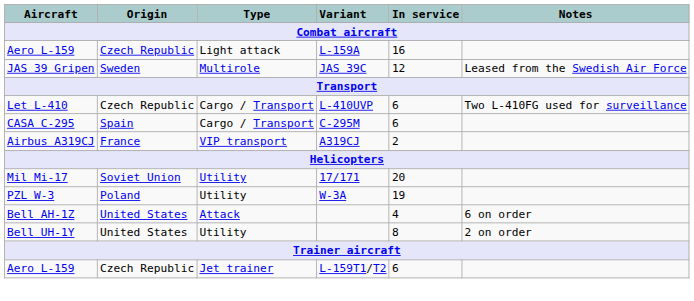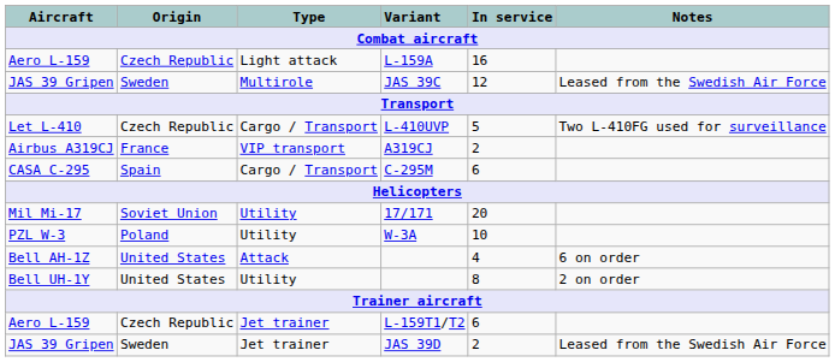 <table class="wikitable">
 <tr>
 <th style="text-align:center; background:#acc;">Aircraft</th>
 <th style="text-align: center; background:#acc;">Origin</th>
 <th style="text-align:l center; background:#acc;">Type</th>
 <th style="text-align:left; background:#acc;">Variant</th>
 <th style="text-align:center; background:#acc;">In service</th>
 <th style="text-align: center; background:#acc;">Notes</th>
 </tr>
 <tr>
 <th colspan="6" style="align: center; background: lavender;"><a href='#'>Combat aircraft</a></th>
 </tr>
 <tr>
 <td><a href='#'>Aero L-159</a></td>
 <td><a href='#'>Czech Republic</a></td>
 <td>Light attack</td>
 <td><a href='#'>L-159A</a></td>
 <td>16</td>
 <td></td>
 </tr>
 <tr>
 <td><a href='#'>JAS 39 Gripen</a></td>
 <td><a href='#'>Sweden</a></td>
 <td><a href='#'>Multirole</a></td>
 <td><a href='#'>JAS 39C</a></td>
 <td>12</td>
 <td>Leased from the <a href='#'>Swedish Air Force</a></td>
 </tr>
 <tr>
 <th colspan="6" style="align: center; background: lavender;"><a href='#'>Transport</a></th>
 </tr>
 <tr>
 <td><a href='#'>Let L-410</a></td>
 <td>Czech Republic</td>
 <td>Cargo / <a href='#'>Transport</a></td>
 <td><a href='#'>L-410UVP</a></td>
-<td>6</td>
+<td>5</td>
 <td>Two L-410FG used for <a href='#'>surveillance</a></td>
+</tr>
+<tr>
+<td><a href='#'>Airbus A319CJ</a></td>
+<td><a href='#'>France</a></td>
+<td><a href='#'>VIP transport</a></td>
+<td><a href='#'>A319CJ</a></td>
+<td>2</td>
+<td></td>
 </tr>
 <tr>
 <td><a href='#'>CASA C-295</a></td>
 <td><a href='#'>Spain</a></td>
 <td>Cargo / <a href='#'>Transport</a></td>
 <td><a href='#'>C-295M</a></td>
 <td>6</td>
-<td></td>
-</tr>
-<tr>
-<td><a href='#'>Airbus A319CJ</a></td>
-<td><a href='#'>France</a></td>
-<td><a href='#'>VIP transport</a></td>
-<td><a href='#'>A319CJ</a></td>
-<td>2</td>
 <td></td>
 </tr>
 <tr>
 <th colspan="6" style="align: center; background: lavender;"><a href='#'>Helicopters</a></th>
 </tr>
 <tr>
 <td><a href='#'>Mil Mi-17</a></td>
 <td><a href='#'>Soviet Union</a></td>
 <td><a href='#'>Utility</a></td>
 <td><a href='#'>17/171</a></td>
 <td>20</td>
 <td></td>
 </tr>
 <tr>
 <td><a href='#'>PZL W-3</a></td>
 <td><a href='#'>Poland</a></td>
 <td>Utility</td>
 <td><a href='#'>W-3A</a></td>
-<td>19</td>
+<td>10</td>
 <td></td>
 </tr>
 <tr>
 <td><a href='#'>Bell AH-1Z</a></td>
 <td><a href='#'>United States</a></td>
 <td><a href='#'>Attack</a></td>
 <td></td>
 <td>4</td>
 <td>6 on order</td>
 </tr>
 <tr>
 <td><a href='#'>Bell UH-1Y</a></td>
 <td>United States</td>
 <td>Utility</td>
 <td></td>
 <td>8</td>
 <td>2 on order</td>
 </tr>
 <tr>
 <th colspan="6" style="align: center; background: lavender;"><a href='#'>Trainer aircraft</a></th>
 </tr>
 <tr>
 <td><a href='#'>Aero L-159</a></td>
 <td>Czech Republic</td>
 <td><a href='#'>Jet trainer</a></td>
 <td><a href='#'>L-159T1</a>/<a href='#'>T2</a></td>
 <td>6</td>
 <td></td>
 </tr>
+<tr>
+<td><a href='#'>JAS 39 Gripen</a></td>
+<td>Sweden</td>
+<td>Jet trainer</td>
+<td><a href='#'>JAS 39D</a></td>
+<td>2</td>
+<td>Leased from the Swedish Air Force</td>
+</tr>
 </table>
